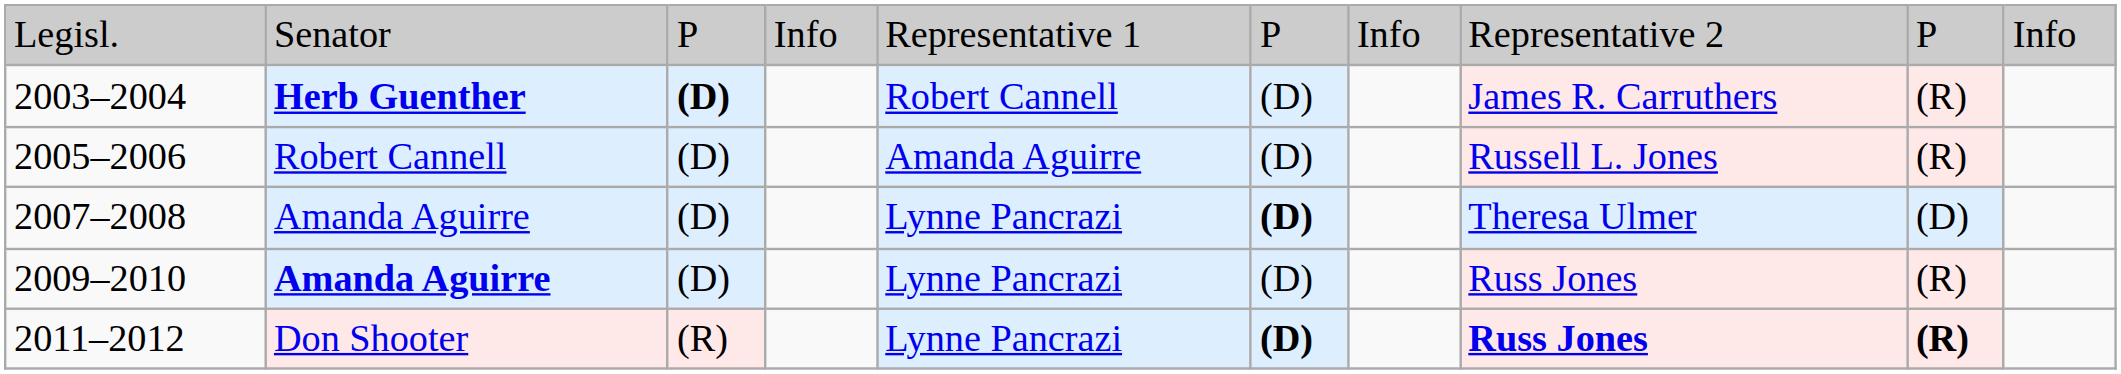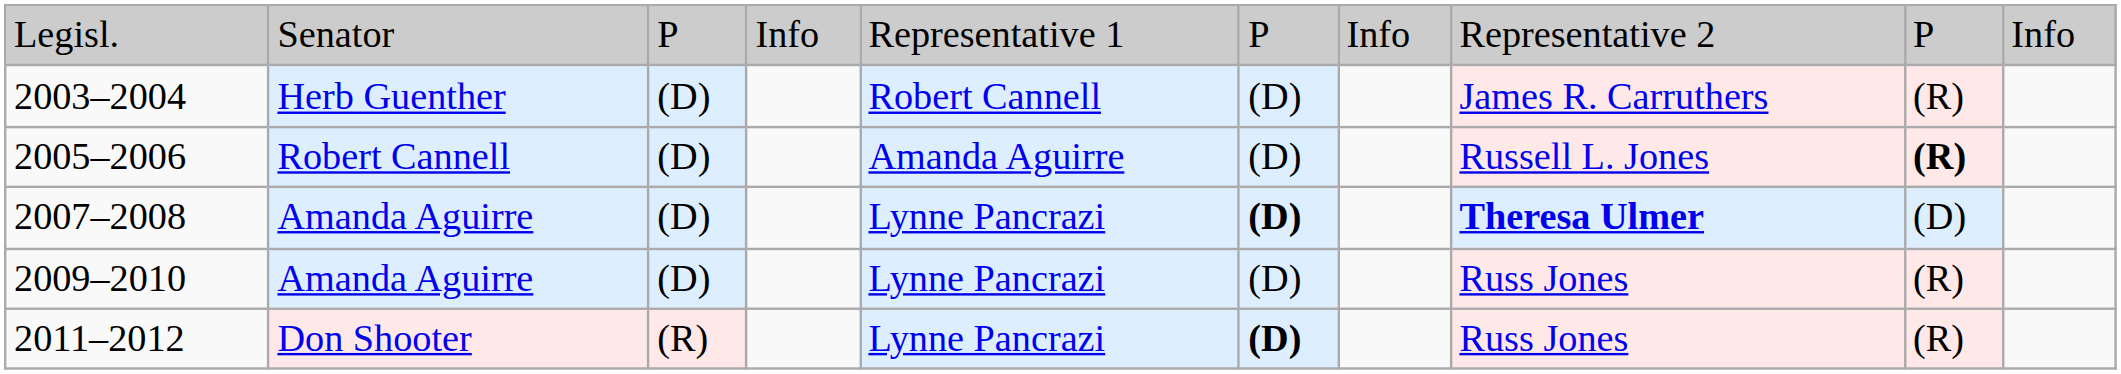 <table class=wikitable width="100%" border="1">
 <tr style="background-color:#cccccc;">
 <td>Legisl.</td>
 <td>Senator</td>
 <td>P</td>
 <td>Info</td>
 <td>Representative 1</td>
 <td>P</td>
 <td>Info</td>
 <td>Representative 2</td>
 <td>P</td>
 <td>Info</td>
 </tr>
 <tr>
 <td>2003–2004</td>
-<td style="background:#DDEEFF"><strong><a href='#'>Herb Guenther</a></strong></td>
-<td style="background:#DDEEFF"><strong>(D)</strong></td>
+<td style="background:#DDEEFF"><a href='#'>Herb Guenther</a></td>
+<td style="background:#DDEEFF">(D)</td>
 <td></td>
 <td style="background:#DDEEFF"><a href='#'>Robert Cannell</a></td>
 <td style="background:#DDEEFF">(D)</td>
 <td></td>
 <td style="background:#FFE8E8"><a href='#'>James R. Carruthers</a></td>
 <td style="background:#FFE8E8">(R)</td>
 <td></td>
 </tr>
 <tr>
 <td>2005–2006</td>
 <td style="background:#DDEEFF"><a href='#'>Robert Cannell</a></td>
 <td style="background:#DDEEFF">(D)</td>
 <td></td>
 <td style="background:#DDEEFF"><a href='#'>Amanda Aguirre</a></td>
 <td style="background:#DDEEFF">(D)</td>
 <td></td>
 <td style="background:#FFE8E8"><a href='#'>Russell L. Jones</a></td>
-<td style="background:#FFE8E8">(R)</td>
+<td style="background:#FFE8E8"><strong>(R)</strong></td>
 <td></td>
 </tr>
 <tr>
 <td>2007–2008</td>
 <td style="background:#DDEEFF"><a href='#'>Amanda Aguirre</a></td>
 <td style="background:#DDEEFF">(D)</td>
 <td></td>
 <td style="background:#DDEEFF"><a href='#'>Lynne Pancrazi</a></td>
 <td style="background:#DDEEFF"><strong>(D)</strong></td>
 <td></td>
-<td style="background:#DDEEFF"><a href='#'>Theresa Ulmer</a></td>
+<td style="background:#DDEEFF"><strong><a href='#'>Theresa Ulmer</a></strong></td>
 <td style="background:#DDEEFF">(D)</td>
 <td></td>
 </tr>
 <tr>
 <td>2009–2010</td>
-<td style="background:#DDEEFF"><strong><a href='#'>Amanda Aguirre</a></strong></td>
+<td style="background:#DDEEFF"><a href='#'>Amanda Aguirre</a></td>
 <td style="background:#DDEEFF">(D)</td>
 <td></td>
 <td style="background:#DDEEFF"><a href='#'>Lynne Pancrazi</a></td>
 <td style="background:#DDEEFF">(D)</td>
 <td></td>
 <td style="background:#FFE8E8"><a href='#'>Russ Jones</a></td>
 <td style="background:#FFE8E8">(R)</td>
 <td></td>
 </tr>
 <tr>
 <td>2011–2012</td>
 <td style="background:#FFE8E8"><a href='#'>Don Shooter</a></td>
 <td style="background:#FFE8E8">(R)</td>
 <td></td>
 <td style="background:#DDEEFF"><a href='#'>Lynne Pancrazi</a></td>
 <td style="background:#DDEEFF"><strong>(D)</strong></td>
 <td></td>
-<td style="background:#FFE8E8"><strong><a href='#'>Russ Jones</a></strong></td>
-<td style="background:#FFE8E8"><strong>(R)</strong></td>
+<td style="background:#FFE8E8"><a href='#'>Russ Jones</a></td>
+<td style="background:#FFE8E8">(R)</td>
 <td></td>
 </tr>
 </table>
